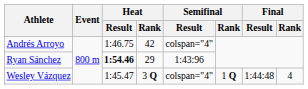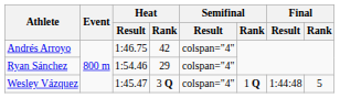 <table class="wikitable" style="font-size:90%">
 <tr>
 <th rowspan="2">Athlete</th>
 <th rowspan="2">Event</th>
 <th colspan="2">Heat</th>
 <th colspan="2">Semifinal</th>
 <th colspan="2">Final</th>
 </tr>
 <tr>
 <th>Result</th>
 <th>Rank</th>
 <th>Result</th>
 <th>Rank</th>
 <th>Result</th>
 <th>Rank</th>
 </tr>
 <tr style=text-align:center>
 <td style=text-align:left><a href='#'>Andrés Arroyo</a></td>
 <td style=text-align:left rowspan="3"><a href='#'>800 m</a></td>
 <td>1:46.75</td>
 <td>42</td>
 <td>colspan="4" </td>
 </tr>
 <tr style=text-align:center>
 <td style=text-align:left><a href='#'>Ryan Sánchez</a></td>
-<td><strong>1:54.46</strong></td>
+<td>1:54.46</td>
 <td>29</td>
-<td>1:43:96</td>
+<td>colspan="4" </td>
 </tr>
 <tr style=text-align:center>
 <td style=text-align:left><a href='#'>Wesley Vázquez</a></td>
 <td>1:45.47</td>
 <td>3 <strong>Q</strong></td>
 <td>colspan="4" </td>
 <td>1 <strong>Q</strong></td>
 <td>1:44:48</td>
-<td>4</td>
+<td>5</td>
 </tr>
 </table>
